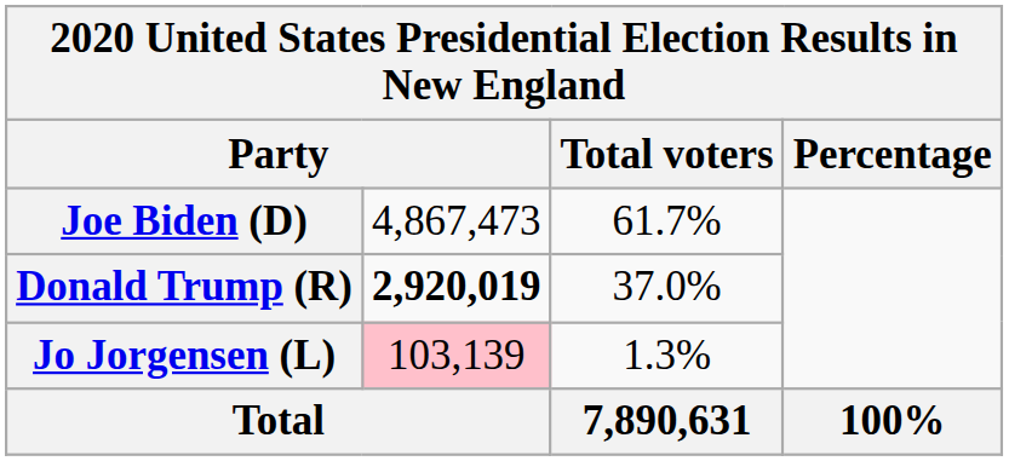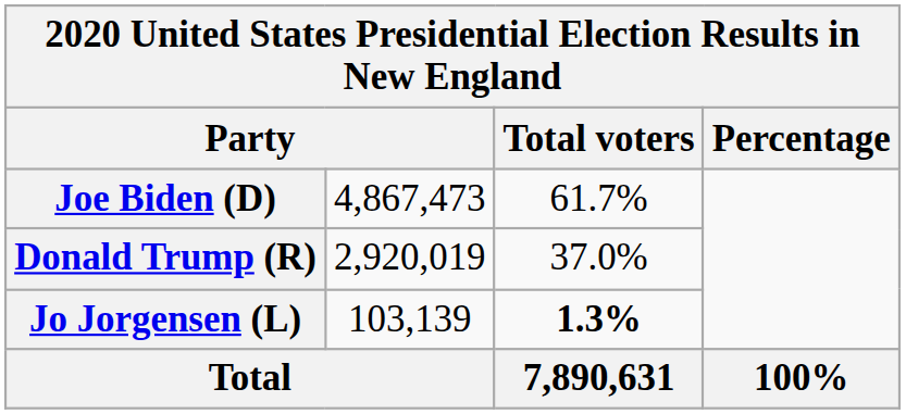 <table class="wikitable" style="align:left">
 <tr>
 <th colspan="6">2020 United States Presidential Election Results in<br>New England</th>
 </tr>
 <tr>
 <th colspan="2">Party</th>
 <th>Total voters</th>
 <th>Percentage</th>
 </tr>
 <tr | >
 <th><a href='#'>Joe Biden</a> (D)</th>
 <td align="center">4,867,473</td>
 <td align="center">61.7%</td>
 </tr>
 <tr | >
 <th><a href='#'>Donald Trump</a> (R)</th>
-<td align="center"><strong>2,920,019</strong></td>
+<td align="center">2,920,019</td>
 <td align="center">37.0%</td>
 </tr>
 <tr | >
 <th><a href='#'>Jo Jorgensen</a> (L)</th>
-<td align="center" style="background: pink;">103,139</td>
-<td align="center">1.3%</td>
+<td align="center">103,139</td>
+<td align="center"><strong>1.3%</strong></td>
 </tr>
 <tr>
 <th colspan="2">Total</th>
 <th align="center">7,890,631</th>
 <th align="center">100%</th>
 </tr>
 </table>
